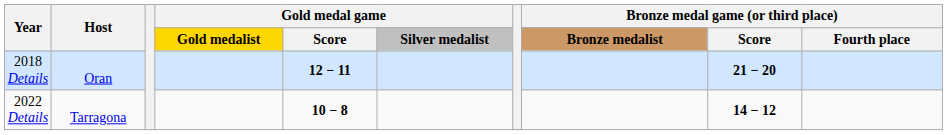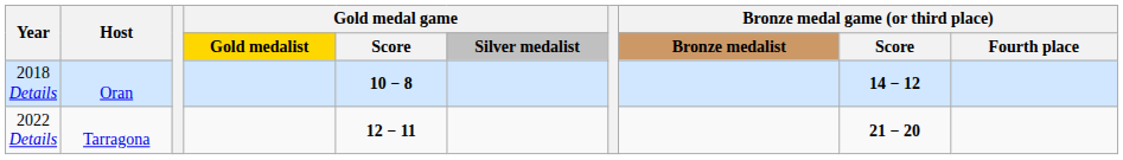 <table class=wikitable style="text-align:center; font-size:90%;">
 <tr bgcolor=#C1D8FF>
 <th rowspan=2 width=5%>Year</th>
 <th rowspan=2 width=10%>Host</th>
 <th width=1% rowspan=4 bgcolor=ffffff></th>
 <th colspan=3>Gold medal game</th>
 <th width=1% rowspan=4 bgcolor=ffffff></th>
 <th colspan=3>Bronze medal game (or third place)</th>
 </tr>
 <tr bgcolor=#EFEFEF>
 <th style="background:gold; width=15%"> Gold medalist</th>
 <th width=10%>Score</th>
 <th style="background:silver; width=15%"> Silver medalist</th>
 <th style="background:#cc9966; width=15%"> Bronze medalist</th>
 <th width=10%>Score</th>
 <th width=15%>Fourth place</th>
 </tr>
 <tr bgcolor=#D0E7FF>
 <td>2018<br><em><a href='#'>Details</a></em></td>
 <td><br><a href='#'>Oran</a></td>
 <td><strong></strong></td>
+<td><strong>10 − 8</strong></td>
+<td></td>
+<td></td>
+<td><strong>14 − 12 </strong></td>
+<td></td>
+</tr>
+<tr>
+<td>2022<br><em><a href='#'>Details</a></em></td>
+<td><br><a href='#'>Tarragona</a></td>
+<td><strong></strong></td>
 <td><strong>12 − 11</strong></td>
 <td></td>
 <td></td>
 <td><strong>21 − 20</strong></td>
 <td></td>
 </tr>
-<tr>
-<td>2022<br><em><a href='#'>Details</a></em></td>
-<td><br><a href='#'>Tarragona</a></td>
-<td><strong></strong></td>
-<td><strong>10 − 8</strong></td>
-<td></td>
-<td></td>
-<td><strong>14 − 12 </strong></td>
-<td></td>
-</tr>
 </table>
